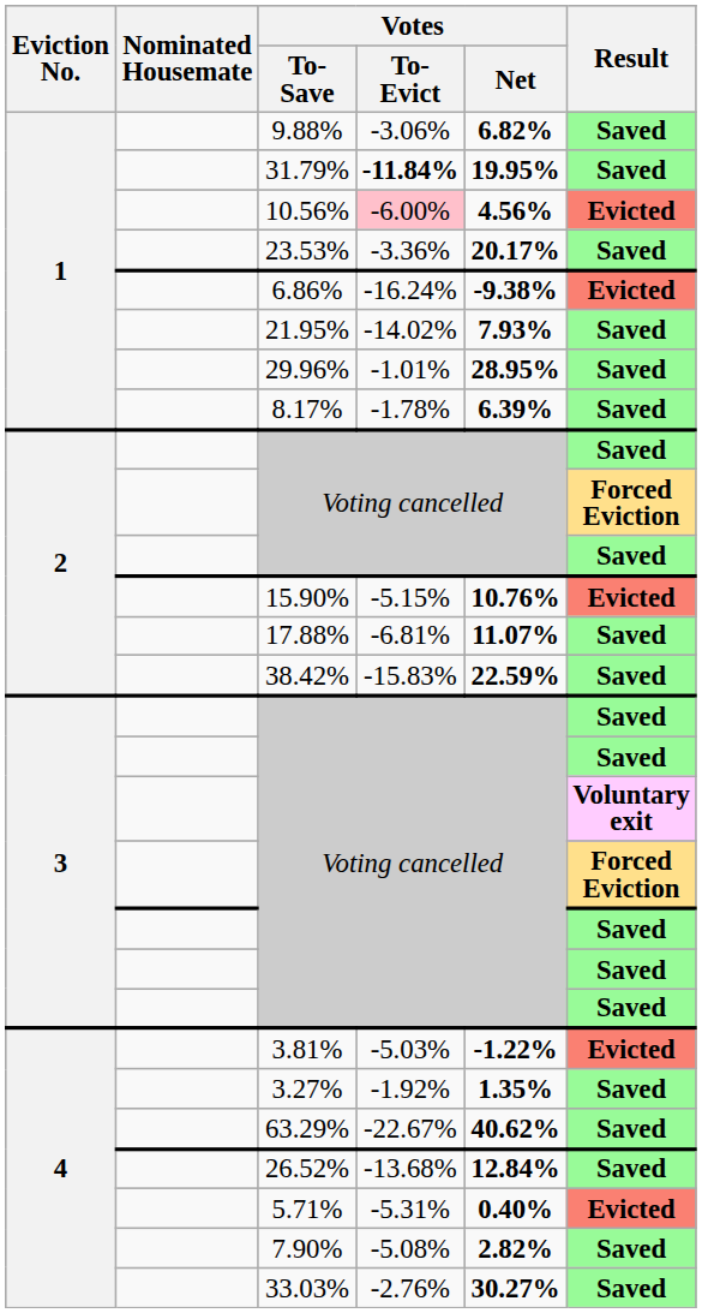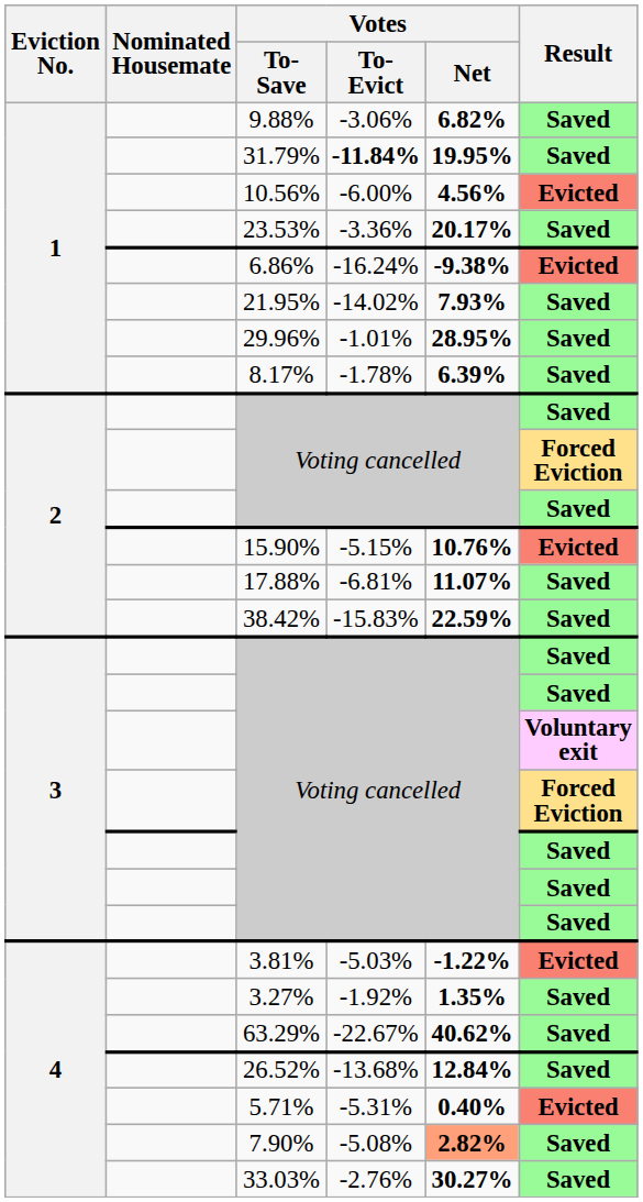 <table class="wikitable" style="text-align:center; font-size:90%; line-height:14px;" width="40%">
 <tr>
 <th rowspan=2 width="05%">Eviction No.</th>
 <th rowspan=2 width="10%">Nominated<br>Housemate</th>
 <th colspan=3 width="15%">Votes</th>
 <th rowspan=2 width="15%">Result</th>
 </tr>
 <tr>
 <th width="05%">To-Save</th>
 <th width="05%">To-Evict</th>
 <th width="05%">Net</th>
 </tr>
 <tr>
 <th rowspan=8>1</th>
 <td></td>
 <td>9.88%</td>
 <td>-3.06%</td>
 <td><strong>6.82%</strong></td>
 <td align="center" bgcolor="#98FB98"><strong>Saved</strong></td>
 </tr>
 <tr>
 <td></td>
 <td>31.79%</td>
 <td><strong>-11.84%</strong></td>
 <td><strong>19.95%</strong></td>
 <td align="center" bgcolor="#98FB98"><strong>Saved</strong></td>
 </tr>
 <tr>
 <td></td>
 <td>10.56%</td>
-<td style="background: pink;">-6.00%</td>
+<td>-6.00%</td>
 <td><strong>4.56%</strong></td>
 <td align="center" bgcolor="#FA8072"><strong>Evicted</strong></td>
 </tr>
 <tr>
 <td></td>
 <td>23.53%</td>
 <td>-3.36%</td>
 <td><strong>20.17%</strong></td>
 <td align="center" bgcolor="#98FB98"><strong>Saved</strong></td>
 </tr>
 <tr style="border-top: 2px solid;">
 <td></td>
 <td>6.86%</td>
 <td>-16.24%</td>
 <td><strong>-9.38%</strong></td>
 <td align="center" bgcolor="#FA8072"><strong>Evicted</strong></td>
 </tr>
 <tr>
 <td></td>
 <td>21.95%</td>
 <td>-14.02%</td>
 <td><strong>7.93%</strong></td>
 <td align="center" bgcolor="#98FB98"><strong>Saved</strong></td>
 </tr>
 <tr>
 <td></td>
 <td>29.96%</td>
 <td>-1.01%</td>
 <td><strong>28.95%</strong></td>
 <td align="center" bgcolor="#98FB98"><strong>Saved</strong></td>
 </tr>
 <tr>
 <td></td>
 <td>8.17%</td>
 <td>-1.78%</td>
 <td><strong>6.39%</strong></td>
 <td align="center" bgcolor="#98FB98"><strong>Saved</strong></td>
 </tr>
 <tr style="border-top: 2px solid;">
 <th rowspan=6>2</th>
 <td></td>
 <td bgcolor="#CCCCCC" align="center" colspan=3 rowspan=3><em>Voting cancelled</em></td>
 <td align="center" bgcolor="#98FB98"><strong>Saved</strong></td>
 </tr>
 <tr>
 <td></td>
 <td align="center" bgcolor="#FFE08B"><strong>Forced Eviction</strong></td>
 </tr>
 <tr>
 <td></td>
 <td align="center" bgcolor="#98FB98"><strong>Saved</strong></td>
 </tr>
 <tr style="border-top: 2px solid;">
 <td></td>
 <td>15.90%</td>
 <td>-5.15%</td>
 <td><strong>10.76%</strong></td>
 <td align="center" bgcolor="#FA8072"><strong>Evicted</strong></td>
 </tr>
 <tr>
 <td></td>
 <td>17.88%</td>
 <td>-6.81%</td>
 <td><strong>11.07%</strong></td>
 <td align="center" bgcolor="#98FB98"><strong>Saved</strong></td>
 </tr>
 <tr>
 <td></td>
 <td>38.42%</td>
 <td>-15.83%</td>
 <td><strong>22.59%</strong></td>
 <td align="center" bgcolor="#98FB98"><strong>Saved</strong></td>
 </tr>
 <tr style="border-top: 2px solid;">
 <th rowspan=7>3</th>
 <td></td>
 <td bgcolor="#CCCCCC" align="center" colspan=3 rowspan=7><em>Voting cancelled</em></td>
 <td align="center" bgcolor="#98FB98"><strong>Saved</strong></td>
 </tr>
 <tr>
 <td></td>
 <td align="center" bgcolor="#98FB98"><strong>Saved</strong></td>
 </tr>
 <tr>
 <td></td>
 <td align="center" bgcolor="#FFCCFF"><strong>Voluntary exit</strong></td>
 </tr>
 <tr>
 <td></td>
 <td align="center" bgcolor="#FFE08B"><strong>Forced Eviction</strong></td>
 </tr>
 <tr style="border-top: 2px solid;">
 <td></td>
 <td align="center" bgcolor="#98FB98"><strong>Saved</strong></td>
 </tr>
 <tr>
 <td></td>
 <td align="center" bgcolor="#98FB98"><strong>Saved</strong></td>
 </tr>
 <tr>
 <td></td>
 <td align="center" bgcolor="#98FB98"><strong>Saved</strong></td>
 </tr>
 <tr style="border-top: 2px solid;">
 <th rowspan=7>4</th>
 <td></td>
 <td>3.81%</td>
 <td>-5.03%</td>
 <td><strong>-1.22%</strong></td>
 <td align="center"  bgcolor="#FA8072"><strong>Evicted</strong></td>
 </tr>
 <tr>
 <td></td>
 <td>3.27%</td>
 <td>-1.92%</td>
 <td><strong>1.35%</strong></td>
 <td align="center" bgcolor="#98FB98"><strong>Saved</strong></td>
 </tr>
 <tr>
 <td></td>
 <td>63.29%</td>
 <td>-22.67%</td>
 <td><strong>40.62%</strong></td>
 <td align="center" bgcolor="#98FB98"><strong>Saved</strong></td>
 </tr>
 <tr style="border-top: 2px solid;">
 <td></td>
 <td>26.52%</td>
 <td>-13.68%</td>
 <td><strong>12.84%</strong></td>
 <td align="center" bgcolor="#98FB98"><strong>Saved</strong></td>
 </tr>
 <tr>
 <td></td>
 <td>5.71%</td>
 <td>-5.31%</td>
 <td><strong>0.40%</strong></td>
 <td align="center" bgcolor="#FA8072"><strong>Evicted</strong></td>
 </tr>
 <tr>
 <td></td>
 <td>7.90%</td>
 <td>-5.08%</td>
-<td><strong>2.82%</strong></td>
+<td style="background: lightsalmon;"><strong>2.82%</strong></td>
 <td align="center" bgcolor="#98FB98"><strong>Saved</strong></td>
 </tr>
 <tr>
 <td></td>
 <td>33.03%</td>
 <td>-2.76%</td>
 <td><strong>30.27%</strong></td>
 <td align="center" bgcolor="#98FB98"><strong>Saved</strong></td>
 </tr>
 </table>
